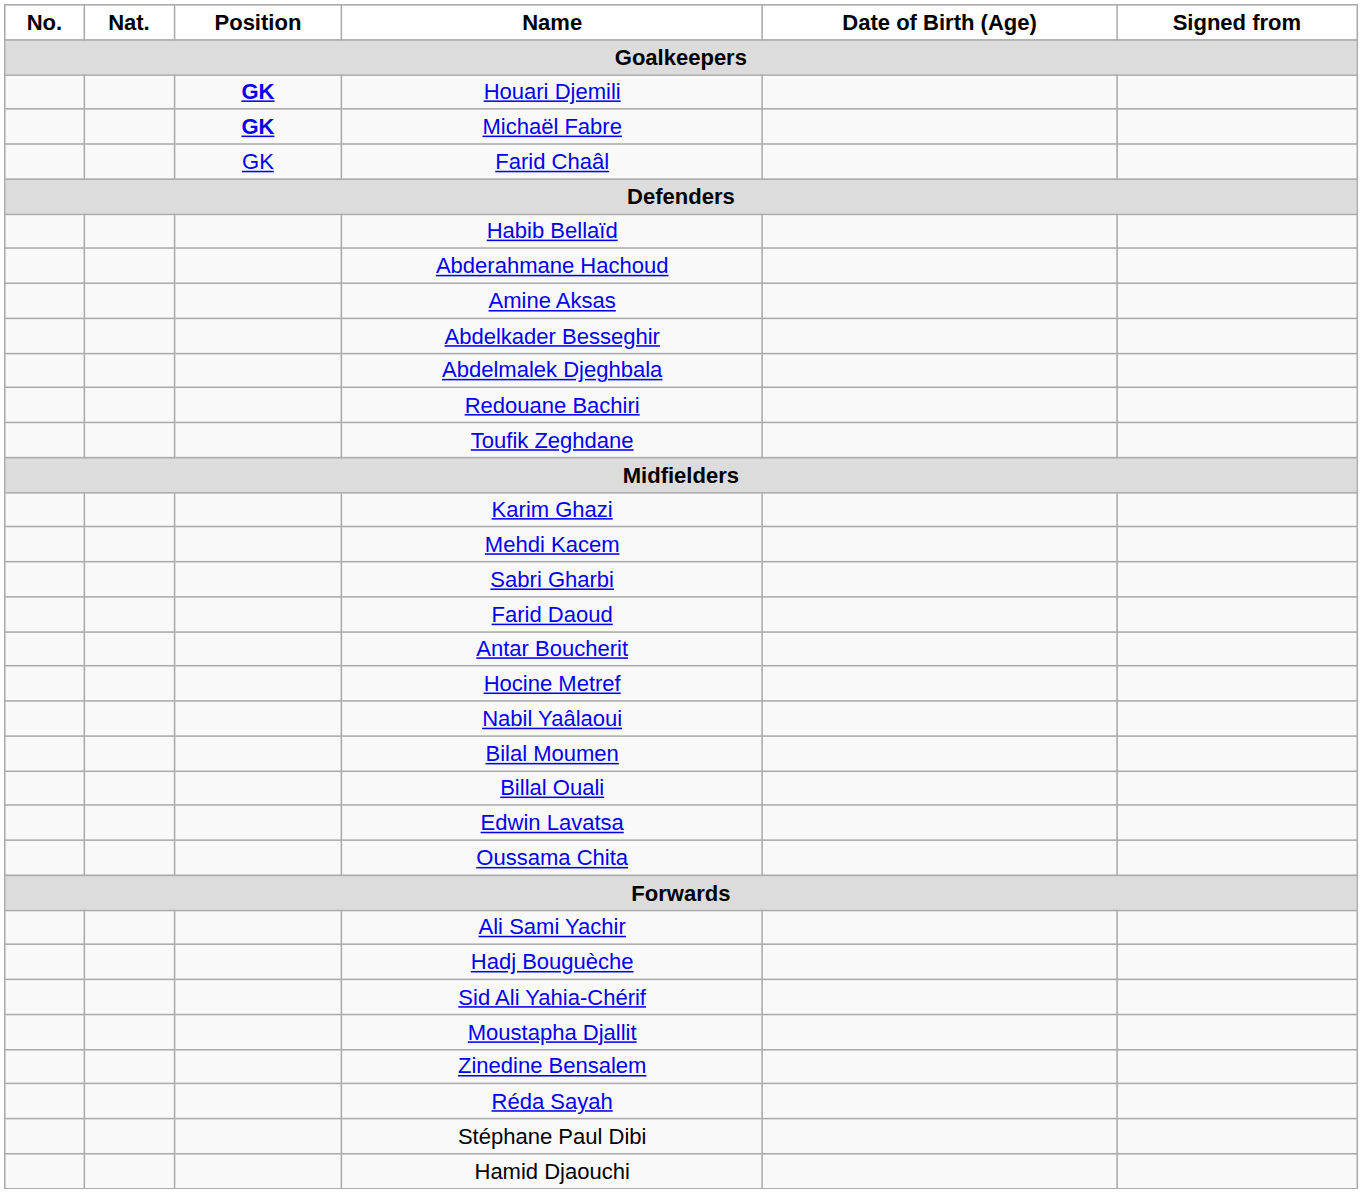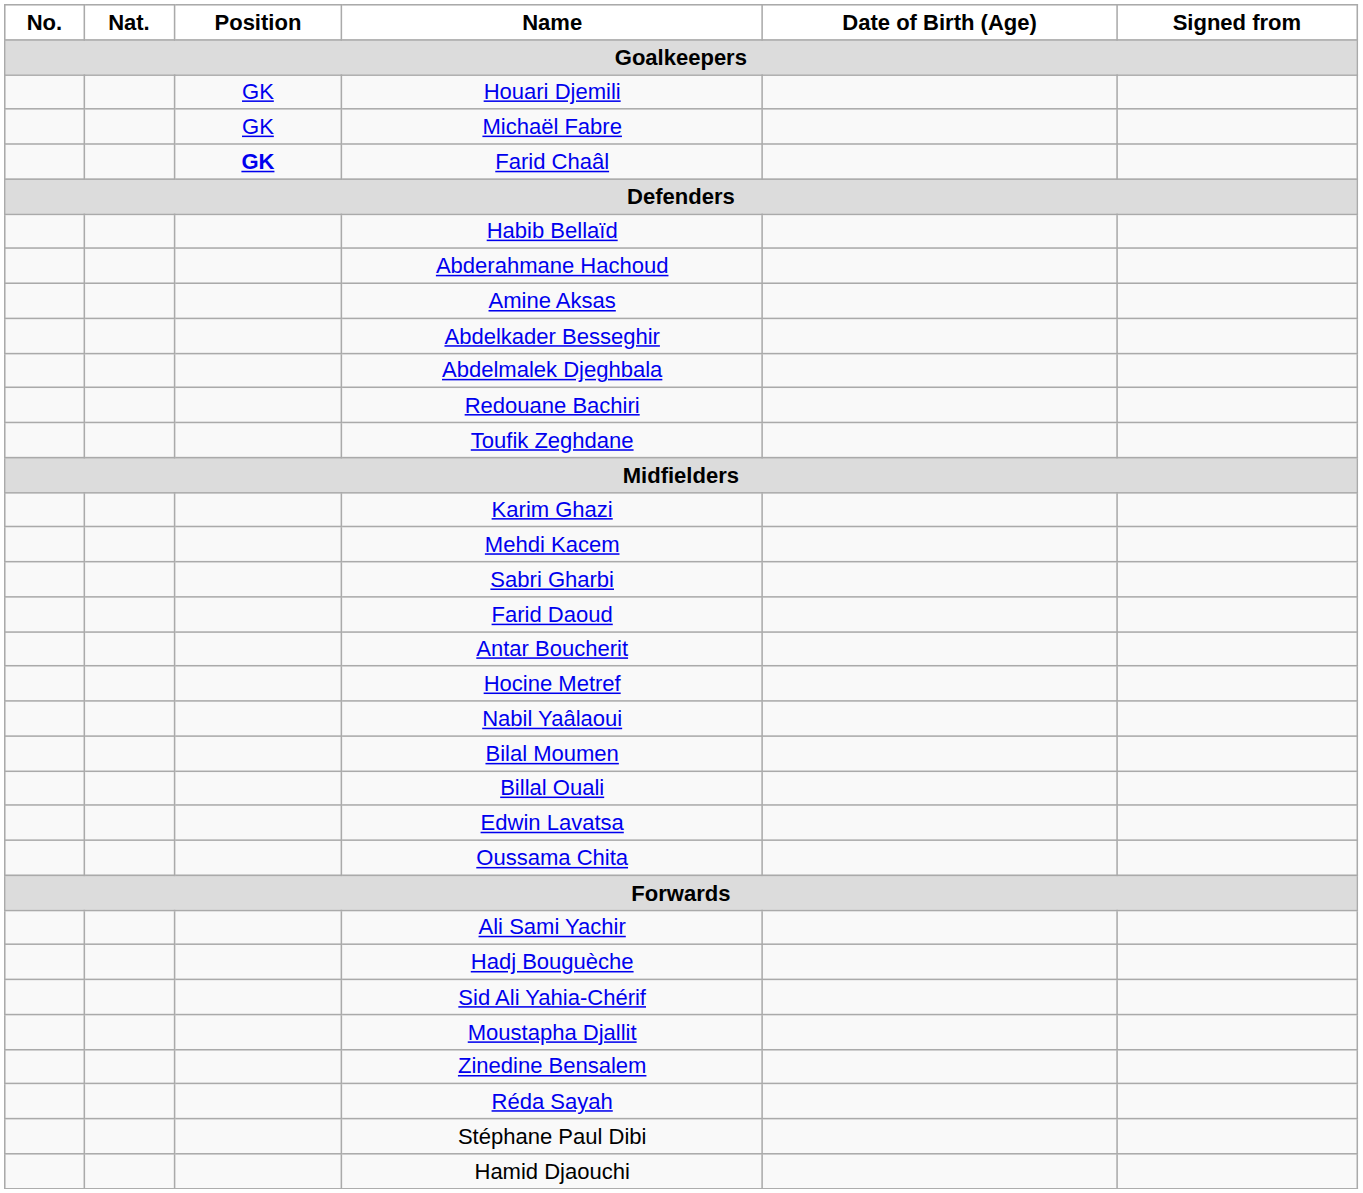 <table class="wikitable" style="text-align:center; font-size:90%; width:70%">
 <tr>
 <th style="background:white; color:black; text-align:center;">No.</th>
 <th style="background:white; color:black; text-align:center;">Nat.</th>
 <th style="background:white; color:black; text-align:center;">Position</th>
 <th style="background:white; color:black; text-align:center;">Name</th>
 <th style="background:white; color:black; text-align:center;">Date of Birth (Age)</th>
 <th style="background:white; color:black; text-align:center;">Signed from</th>
 </tr>
 <tr>
 <th colspan=10 style="background:#DCDCDC; text-align:center;">Goalkeepers</th>
 </tr>
 <tr>
 <td></td>
 <td></td>
-<td><strong><a href='#'>GK</a></strong></td>
+<td><a href='#'>GK</a></td>
 <td><a href='#'>Houari Djemili</a></td>
 <td></td>
 <td style="text-align:left"></td>
 </tr>
 <tr>
 <td></td>
 <td></td>
-<td><strong><a href='#'>GK</a></strong></td>
+<td><a href='#'>GK</a></td>
 <td><a href='#'>Michaël Fabre</a></td>
 <td></td>
 <td style="text-align:left"></td>
 </tr>
 <tr>
 <td></td>
 <td></td>
-<td><a href='#'>GK</a></td>
+<td><strong><a href='#'>GK</a></strong></td>
 <td><a href='#'>Farid Chaâl</a></td>
 <td></td>
 <td style="text-align:left"></td>
 </tr>
 <tr>
 <th colspan=10 style="background:#DCDCDC; text-align:center;">Defenders</th>
 </tr>
 <tr>
 <td></td>
 <td></td>
 <td></td>
 <td><a href='#'>Habib Bellaïd</a></td>
 <td></td>
 <td style="text-align:left"></td>
 </tr>
 <tr>
 <td></td>
 <td></td>
 <td></td>
 <td><a href='#'>Abderahmane Hachoud</a></td>
 <td></td>
 <td style="text-align:left"></td>
 </tr>
 <tr>
 <td></td>
 <td></td>
 <td></td>
 <td><a href='#'>Amine Aksas</a></td>
 <td></td>
 <td style="text-align:left"></td>
 </tr>
 <tr>
 <td></td>
 <td></td>
 <td></td>
 <td><a href='#'>Abdelkader Besseghir</a></td>
 <td></td>
 <td style="text-align:left"></td>
 </tr>
 <tr>
 <td></td>
 <td></td>
 <td></td>
 <td><a href='#'>Abdelmalek Djeghbala</a></td>
 <td></td>
 <td style="text-align:left"></td>
 </tr>
 <tr>
 <td></td>
 <td></td>
 <td></td>
 <td><a href='#'>Redouane Bachiri</a></td>
 <td></td>
 <td style="text-align:left"></td>
 </tr>
 <tr>
 <td></td>
 <td></td>
 <td></td>
 <td><a href='#'>Toufik Zeghdane</a></td>
 <td></td>
 <td style="text-align:left"></td>
 </tr>
 <tr>
 <th colspan=10 style="background:#DCDCDC; text-align:center;">Midfielders</th>
 </tr>
 <tr>
 <td></td>
 <td></td>
 <td></td>
 <td><a href='#'>Karim Ghazi</a></td>
 <td></td>
 <td style="text-align:left"></td>
 </tr>
 <tr>
 <td></td>
 <td></td>
 <td></td>
 <td><a href='#'>Mehdi Kacem</a></td>
 <td></td>
 <td style="text-align:left"></td>
 </tr>
 <tr>
 <td></td>
 <td></td>
 <td></td>
 <td><a href='#'>Sabri Gharbi</a></td>
 <td></td>
 <td style="text-align:left"></td>
 </tr>
 <tr>
 <td></td>
 <td></td>
 <td></td>
 <td><a href='#'>Farid Daoud</a></td>
 <td></td>
 <td style="text-align:left"></td>
 </tr>
 <tr>
 <td></td>
 <td></td>
 <td></td>
 <td><a href='#'>Antar Boucherit</a></td>
 <td></td>
 <td style="text-align:left"></td>
 </tr>
 <tr>
 <td></td>
 <td></td>
 <td></td>
 <td><a href='#'>Hocine Metref</a></td>
 <td></td>
 <td style="text-align:left"></td>
 </tr>
 <tr>
 <td></td>
 <td></td>
 <td></td>
 <td><a href='#'>Nabil Yaâlaoui</a></td>
 <td></td>
 <td style="text-align:left"></td>
 </tr>
 <tr>
 <td></td>
 <td></td>
 <td></td>
 <td><a href='#'>Bilal Moumen</a></td>
 <td></td>
 <td style="text-align:left"></td>
 </tr>
 <tr>
 <td></td>
 <td></td>
 <td></td>
 <td><a href='#'>Billal Ouali</a></td>
 <td></td>
 <td style="text-align:left"></td>
 </tr>
 <tr>
 <td></td>
 <td></td>
 <td></td>
 <td><a href='#'>Edwin Lavatsa</a></td>
 <td></td>
 <td style="text-align:left"></td>
 </tr>
 <tr>
 <td></td>
 <td></td>
 <td></td>
 <td><a href='#'>Oussama Chita</a></td>
 <td></td>
 <td style="text-align:left"></td>
 </tr>
 <tr>
 <th colspan=10 style="background:#DCDCDC; text-align:center;">Forwards</th>
 </tr>
 <tr>
 <td></td>
 <td></td>
 <td></td>
 <td><a href='#'>Ali Sami Yachir</a></td>
 <td></td>
 <td style="text-align:left"></td>
 </tr>
 <tr>
 <td></td>
 <td></td>
 <td></td>
 <td><a href='#'>Hadj Bouguèche</a></td>
 <td></td>
 <td style="text-align:left"></td>
 </tr>
 <tr>
 <td></td>
 <td></td>
 <td></td>
 <td><a href='#'>Sid Ali Yahia-Chérif</a></td>
 <td></td>
 <td style="text-align:left"></td>
 </tr>
 <tr>
 <td></td>
 <td></td>
 <td></td>
 <td><a href='#'>Moustapha Djallit</a></td>
 <td></td>
 <td style="text-align:left"></td>
 </tr>
 <tr>
 <td></td>
 <td></td>
 <td></td>
 <td><a href='#'>Zinedine Bensalem</a></td>
 <td></td>
 <td style="text-align:left"></td>
 </tr>
 <tr>
 <td></td>
 <td></td>
 <td></td>
 <td><a href='#'>Réda Sayah</a></td>
 <td></td>
 <td style="text-align:left"></td>
 </tr>
 <tr>
 <td></td>
 <td></td>
 <td></td>
 <td>Stéphane Paul Dibi</td>
 <td></td>
 <td style="text-align:left"></td>
 </tr>
 <tr>
 <td></td>
 <td></td>
 <td></td>
 <td>Hamid Djaouchi</td>
 <td></td>
 <td style="text-align:left"></td>
 </tr>
 <tr>
 </tr>
 </table>
